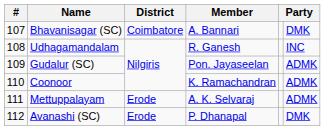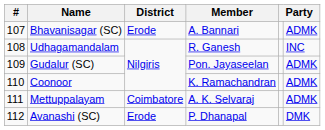 <table class="wikitable">
 <tr>
 <th>#</th>
 <th>Name</th>
 <th>District</th>
 <th>Member</th>
 <th colspan="2">Party</th>
 </tr>
 <tr>
 <td>107</td>
 <td><a href='#'>Bhavanisagar</a> (SC)</td>
-<td><a href='#'>Coimbatore</a></td>
+<td><a href='#'>Erode</a></td>
 <td><a href='#'>A. Bannari</a></td>
 <td style="background-color: "></td>
-<td><a href='#'>DMK</a></td>
+<td><a href='#'>ADMK</a></td>
 </tr>
 <tr>
 <td>108</td>
 <td><a href='#'>Udhagamandalam</a></td>
 <td rowspan="3"><a href='#'>Nilgiris</a></td>
 <td><a href='#'>R. Ganesh</a></td>
 <td style="background-color: "></td>
 <td><a href='#'>INC</a></td>
 </tr>
 <tr>
 <td>109</td>
 <td><a href='#'>Gudalur</a> (SC)</td>
 <td><a href='#'>Pon. Jayaseelan</a></td>
 <td style="background-color: "></td>
 <td><a href='#'>ADMK</a></td>
 </tr>
 <tr>
 <td>110</td>
 <td><a href='#'>Coonoor</a></td>
 <td><a href='#'>K. Ramachandran</a></td>
 <td style="background-color: "></td>
 <td><a href='#'>ADMK</a></td>
 </tr>
 <tr>
 <td>111</td>
 <td><a href='#'>Mettuppalayam</a></td>
-<td><a href='#'>Erode</a></td>
+<td><a href='#'>Coimbatore</a></td>
 <td><a href='#'>A. K. Selvaraj</a></td>
 <td style="background-color: "></td>
 <td><a href='#'>ADMK</a></td>
 </tr>
 <tr>
 <td>112</td>
 <td><a href='#'>Avanashi</a> (SC)</td>
 <td><a href='#'>Erode</a></td>
 <td><a href='#'>P. Dhanapal</a></td>
 <td style="background-color: "></td>
 <td><a href='#'>DMK</a></td>
 </tr>
 </table>
